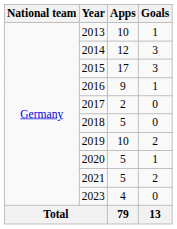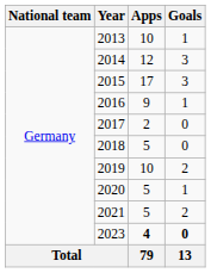 <table class="wikitable" style="text-align:center">
 <tr>
 <th>National team</th>
 <th>Year</th>
 <th>Apps</th>
 <th>Goals</th>
 </tr>
 <tr>
 <td rowspan="10"><a href='#'>Germany</a></td>
 <td>2013</td>
 <td>10</td>
 <td>1</td>
 </tr>
 <tr>
 <td>2014</td>
 <td>12</td>
 <td>3</td>
 </tr>
 <tr>
 <td>2015</td>
 <td>17</td>
 <td>3</td>
 </tr>
 <tr>
 <td>2016</td>
 <td>9</td>
 <td>1</td>
 </tr>
 <tr>
 <td>2017</td>
 <td>2</td>
 <td>0</td>
 </tr>
 <tr>
 <td>2018</td>
 <td>5</td>
 <td>0</td>
 </tr>
 <tr>
 <td>2019</td>
 <td>10</td>
 <td>2</td>
 </tr>
 <tr>
 <td>2020</td>
 <td>5</td>
 <td>1</td>
 </tr>
 <tr>
 <td>2021</td>
 <td>5</td>
 <td>2</td>
 </tr>
 <tr>
 <td>2023</td>
-<td>4</td>
-<td>0</td>
+<td><strong>4</strong></td>
+<td><strong>0</strong></td>
 </tr>
 <tr>
 <th colspan="2">Total</th>
 <th>79</th>
 <th>13</th>
 </tr>
 </table>
